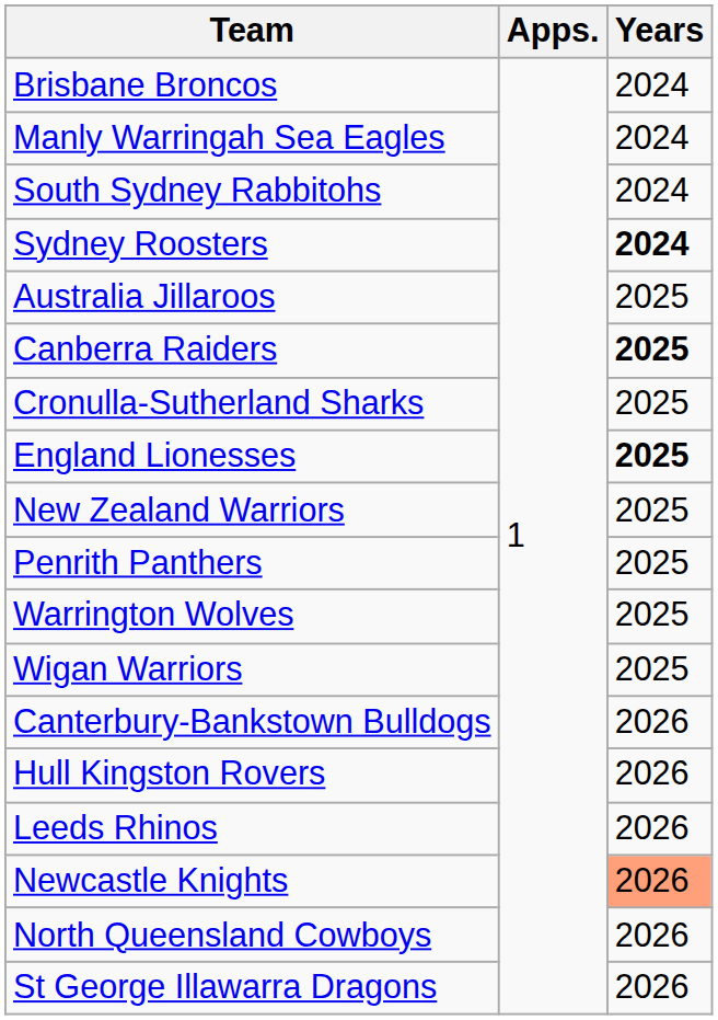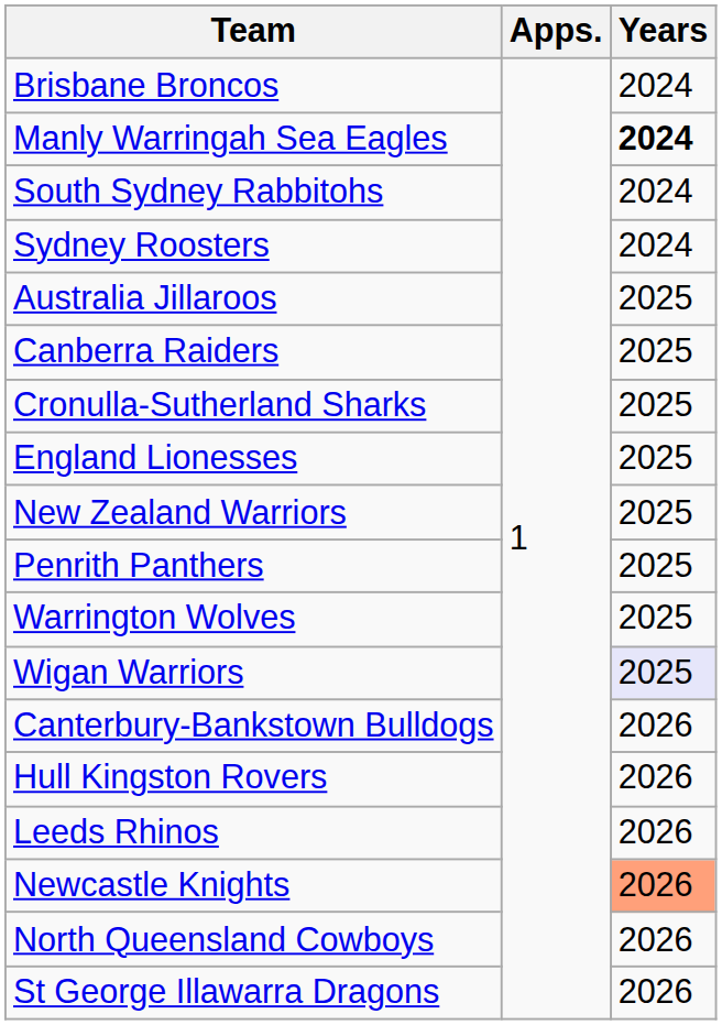 <table class="wikitable">
 <tr>
 <th>Team</th>
 <th>Apps.</th>
 <th>Years</th>
 </tr>
 <tr>
 <td> <a href='#'>Brisbane Broncos</a></td>
 <td rowspan="18">1</td>
 <td>2024</td>
 </tr>
 <tr>
 <td> <a href='#'>Manly Warringah Sea Eagles</a></td>
-<td>2024</td>
+<td><strong>2024</strong></td>
 </tr>
 <tr>
 <td> <a href='#'>South Sydney Rabbitohs</a></td>
 <td>2024</td>
 </tr>
 <tr>
 <td> <a href='#'>Sydney Roosters</a></td>
-<td><strong>2024</strong></td>
+<td>2024</td>
 </tr>
 <tr>
 <td> <a href='#'>Australia Jillaroos</a></td>
 <td>2025</td>
 </tr>
 <tr>
 <td> <a href='#'>Canberra Raiders</a></td>
-<td><strong>2025</strong></td>
+<td>2025</td>
 </tr>
 <tr>
 <td> <a href='#'>Cronulla-Sutherland Sharks</a></td>
 <td>2025</td>
 </tr>
 <tr>
 <td> <a href='#'>England Lionesses</a></td>
-<td><strong>2025</strong></td>
+<td>2025</td>
 </tr>
 <tr>
 <td> <a href='#'>New Zealand Warriors</a></td>
 <td>2025</td>
 </tr>
 <tr>
 <td> <a href='#'>Penrith Panthers</a></td>
 <td>2025</td>
 </tr>
 <tr>
 <td> <a href='#'>Warrington Wolves</a></td>
 <td>2025</td>
 </tr>
 <tr>
 <td> <a href='#'>Wigan Warriors</a></td>
-<td>2025</td>
+<td style="background: lavender;">2025</td>
 </tr>
 <tr>
 <td> <a href='#'>Canterbury-Bankstown Bulldogs</a></td>
 <td>2026</td>
 </tr>
 <tr>
 <td> <a href='#'>Hull Kingston Rovers</a></td>
 <td>2026</td>
 </tr>
 <tr>
 <td> <a href='#'>Leeds Rhinos</a></td>
 <td>2026</td>
 </tr>
 <tr>
 <td> <a href='#'>Newcastle Knights</a></td>
 <td style="background: lightsalmon;">2026</td>
 </tr>
 <tr>
 <td> <a href='#'>North Queensland Cowboys</a></td>
 <td>2026</td>
 </tr>
 <tr>
 <td> <a href='#'>St George Illawarra Dragons</a></td>
 <td>2026</td>
 </tr>
 </table>
